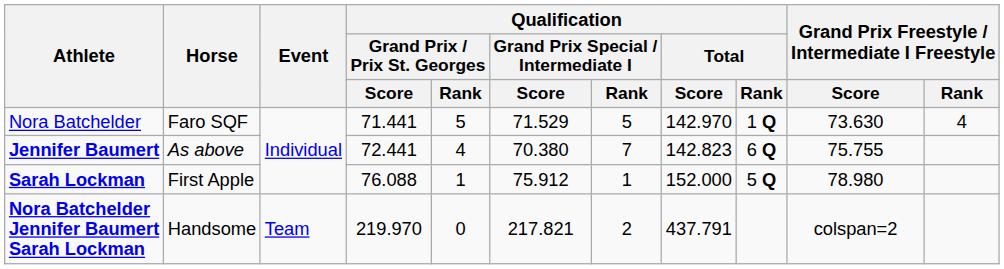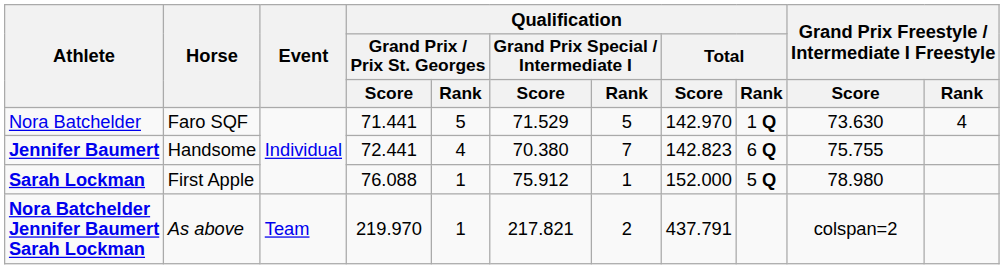 <table class=wikitable style=font-size:90%;text-align:center>
 <tr>
 <th rowspan=3>Athlete</th>
 <th rowspan=3>Horse</th>
 <th rowspan=3>Event</th>
 <th colspan=6>Qualification</th>
 <th colspan=2 rowspan=2>Grand Prix Freestyle /<br>Intermediate I Freestyle</th>
 </tr>
 <tr style=font-size:95%>
 <th colspan=2>Grand Prix /<br>Prix St. Georges</th>
 <th colspan=2>Grand Prix Special /<br>Intermediate I</th>
 <th colspan=2>Total</th>
 </tr>
 <tr style=font-size:95%>
 <th>Score</th>
 <th>Rank</th>
 <th>Score</th>
 <th>Rank</th>
 <th>Score</th>
 <th>Rank</th>
 <th>Score</th>
 <th>Rank</th>
 </tr>
 <tr>
 <td align=left><a href='#'>Nora Batchelder</a></td>
 <td align=left>Faro SQF</td>
 <td align=left rowspan=3><a href='#'>Individual</a></td>
 <td>71.441</td>
 <td>5</td>
 <td>71.529</td>
 <td>5</td>
 <td>142.970</td>
 <td>1 <strong>Q</strong></td>
 <td>73.630</td>
 <td>4</td>
 </tr>
 <tr>
 <td align=left><strong><a href='#'>Jennifer Baumert</a></strong></td>
-<td align=left><em>As above</em></td>
+<td align=left>Handsome</td>
 <td>72.441</td>
 <td>4</td>
 <td>70.380</td>
 <td>7</td>
 <td>142.823</td>
 <td>6 <strong>Q</strong></td>
 <td>75.755</td>
 <td></td>
 </tr>
 <tr>
 <td align=left><strong><a href='#'>Sarah Lockman</a></strong></td>
 <td align=left>First Apple</td>
 <td>76.088</td>
 <td>1</td>
 <td>75.912</td>
 <td>1</td>
 <td>152.000</td>
 <td>5 <strong>Q</strong></td>
 <td>78.980</td>
 <td></td>
 </tr>
 <tr>
 <td align=left><strong><a href='#'>Nora Batchelder</a><br><a href='#'>Jennifer Baumert</a><br><a href='#'>Sarah Lockman</a></strong></td>
-<td align=left>Handsome</td>
+<td align=left><em>As above</em></td>
 <td align=left><a href='#'>Team</a></td>
 <td>219.970</td>
-<td>0</td>
+<td>1</td>
 <td>217.821</td>
 <td>2</td>
 <td>437.791</td>
 <td></td>
 <td>colspan=2 </td>
 </tr>
 </table>
